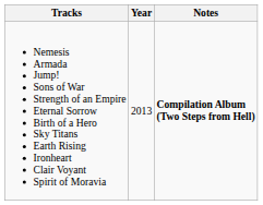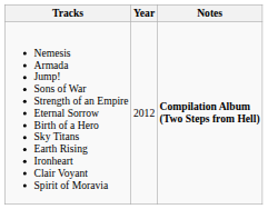 <table class="wikitable sortable">
 <tr>
 <th>Tracks</th>
 <th>Year</th>
 <th>Notes</th>
 </tr>
 <tr>
 <td><br><ul><li>Nemesis</li><li>Armada</li><li>Jump!</li><li>Sons of War</li><li>Strength of an Empire</li><li>Eternal Sorrow</li><li>Birth of a Hero</li><li>Sky Titans</li><li>Earth Rising</li><li>Ironheart</li><li>Clair Voyant</li><li>Spirit of Moravia</li></ul></td>
-<td>2013</td>
+<td>2012</td>
 <td><strong>Compilation Album<br>(Two Steps from Hell)</strong></td>
 </tr>
 </table>
